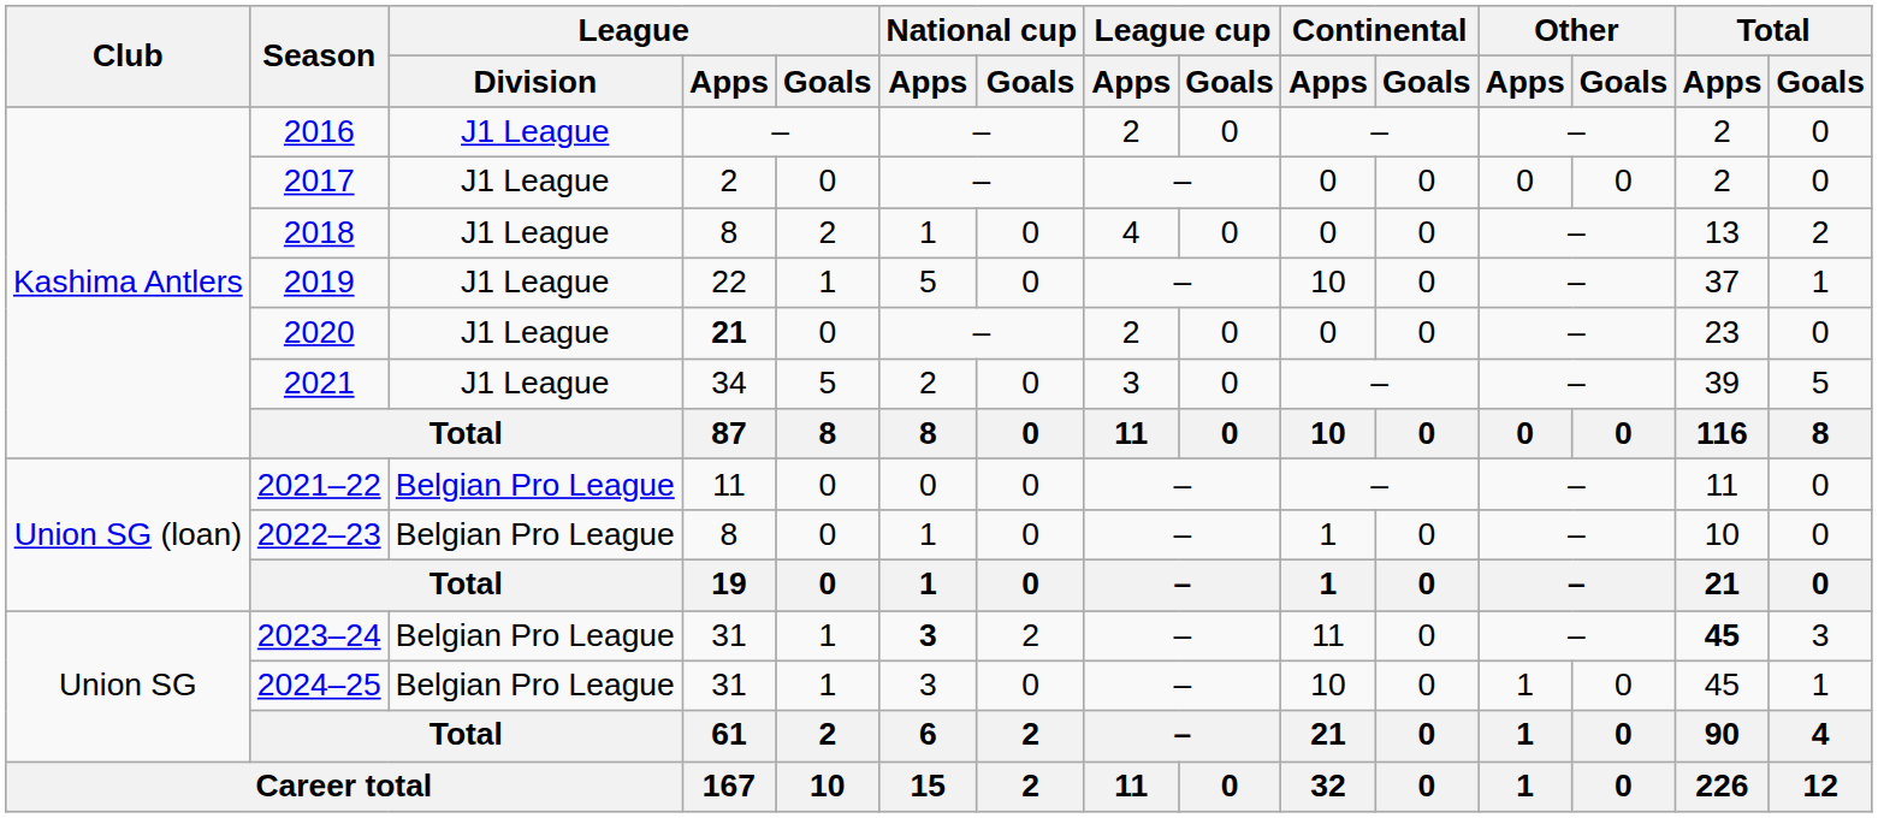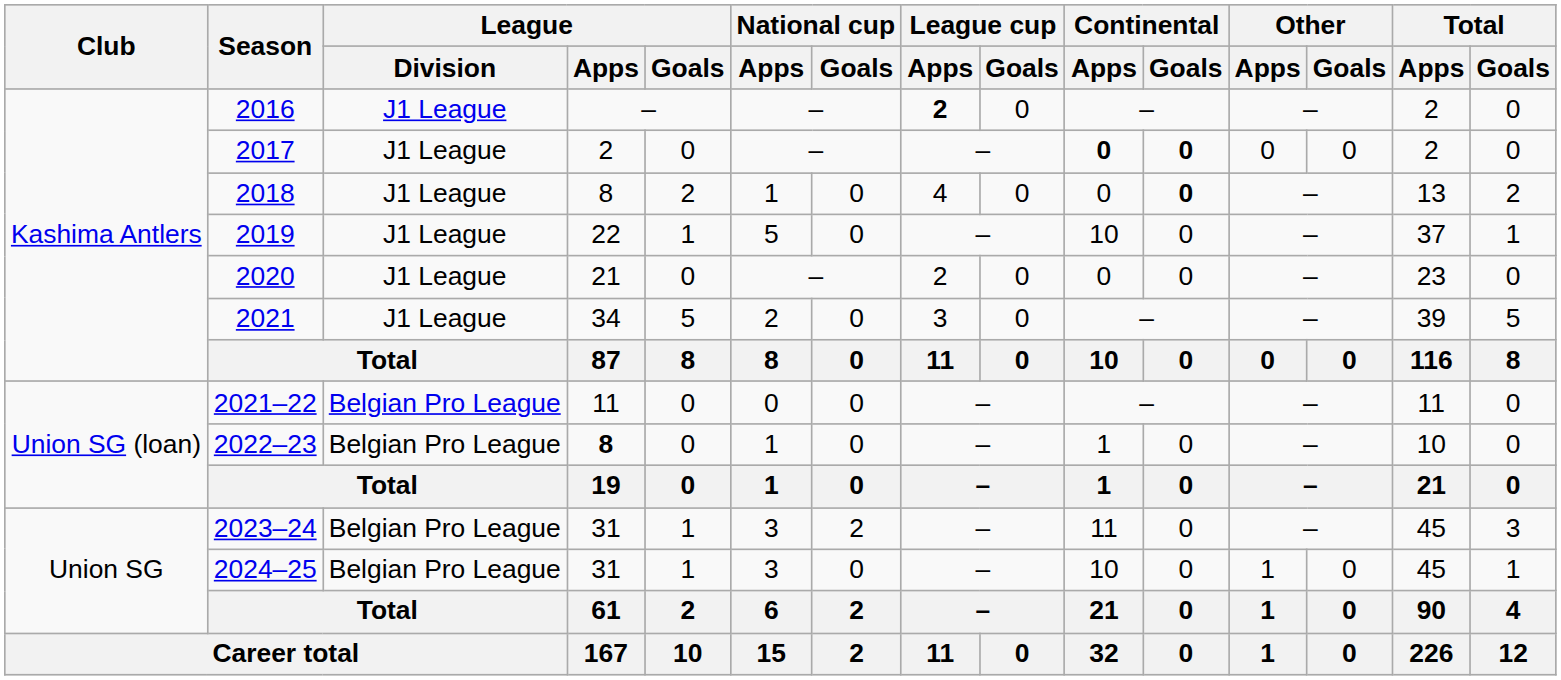 <table class=wikitable style=text-align:center>
 <tr>
 <th rowspan=2>Club</th>
 <th rowspan=2>Season</th>
 <th colspan=3>League</th>
 <th colspan=2>National cup</th>
 <th colspan=2>League cup</th>
 <th colspan=2>Continental</th>
 <th colspan=2>Other</th>
 <th colspan=2>Total</th>
 </tr>
 <tr>
 <th>Division</th>
 <th>Apps</th>
 <th>Goals</th>
 <th>Apps</th>
 <th>Goals</th>
 <th>Apps</th>
 <th>Goals</th>
 <th>Apps</th>
 <th>Goals</th>
 <th>Apps</th>
 <th>Goals</th>
 <th>Apps</th>
 <th>Goals</th>
 </tr>
 <tr>
 <td rowspan="7"><a href='#'>Kashima Antlers</a></td>
 <td><a href='#'>2016</a></td>
 <td><a href='#'>J1 League</a></td>
 <td colspan="2">–</td>
 <td colspan="2">–</td>
-<td>2</td>
+<td><strong>2</strong></td>
 <td>0</td>
 <td colspan="2">–</td>
 <td colspan="2">–</td>
 <td>2</td>
 <td>0</td>
 </tr>
 <tr>
 <td><a href='#'>2017</a></td>
 <td>J1 League</td>
 <td>2</td>
 <td>0</td>
 <td colspan="2">–</td>
 <td colspan="2">–</td>
-<td>0</td>
-<td>0</td>
+<td><strong>0</strong></td>
+<td><strong>0</strong></td>
 <td>0</td>
 <td>0</td>
 <td>2</td>
 <td>0</td>
 </tr>
 <tr>
 <td><a href='#'>2018</a></td>
 <td>J1 League</td>
 <td>8</td>
 <td>2</td>
 <td>1</td>
 <td>0</td>
 <td>4</td>
 <td>0</td>
 <td>0</td>
-<td>0</td>
+<td><strong>0</strong></td>
 <td colspan="2">–</td>
 <td>13</td>
 <td>2</td>
 </tr>
 <tr>
 <td><a href='#'>2019</a></td>
 <td>J1 League</td>
 <td>22</td>
 <td>1</td>
 <td>5</td>
 <td>0</td>
 <td colspan="2">–</td>
 <td>10</td>
 <td>0</td>
 <td colspan="2">–</td>
 <td>37</td>
 <td>1</td>
 </tr>
 <tr>
 <td><a href='#'>2020</a></td>
 <td>J1 League</td>
-<td><strong>21</strong></td>
+<td>21</td>
 <td>0</td>
 <td colspan="2">–</td>
 <td>2</td>
 <td>0</td>
 <td>0</td>
 <td>0</td>
 <td colspan="2">–</td>
 <td>23</td>
 <td>0</td>
 </tr>
 <tr>
 <td><a href='#'>2021</a></td>
 <td>J1 League</td>
 <td>34</td>
 <td>5</td>
 <td>2</td>
 <td>0</td>
 <td>3</td>
 <td>0</td>
 <td colspan="2">–</td>
 <td colspan="2">–</td>
 <td>39</td>
 <td>5</td>
 </tr>
 <tr>
 <th colspan="2">Total</th>
 <th>87</th>
 <th>8</th>
 <th>8</th>
 <th>0</th>
 <th>11</th>
 <th>0</th>
 <th>10</th>
 <th>0</th>
 <th>0</th>
 <th>0</th>
 <th>116</th>
 <th>8</th>
 </tr>
 <tr>
 <td rowspan="3"><a href='#'>Union SG</a> (loan)</td>
 <td><a href='#'>2021–22</a></td>
 <td><a href='#'>Belgian Pro League</a></td>
 <td>11</td>
 <td>0</td>
 <td>0</td>
 <td>0</td>
 <td colspan="2">–</td>
 <td colspan="2">–</td>
 <td colspan="2">–</td>
 <td>11</td>
 <td>0</td>
 </tr>
 <tr>
 <td><a href='#'>2022–23</a></td>
 <td>Belgian Pro League</td>
-<td>8</td>
+<td><strong>8</strong></td>
 <td>0</td>
 <td>1</td>
 <td>0</td>
 <td colspan="2">–</td>
 <td>1</td>
 <td>0</td>
 <td colspan="2">–</td>
 <td>10</td>
 <td>0</td>
 </tr>
 <tr>
 <th colspan="2">Total</th>
 <th>19</th>
 <th>0</th>
 <th>1</th>
 <th>0</th>
 <th colspan="2">–</th>
 <th>1</th>
 <th>0</th>
 <th colspan="2">–</th>
 <th>21</th>
 <th>0</th>
 </tr>
 <tr>
 <td rowspan="3">Union SG</td>
 <td><a href='#'>2023–24</a></td>
 <td>Belgian Pro League</td>
 <td>31</td>
 <td>1</td>
-<td><strong>3</strong></td>
+<td>3</td>
 <td>2</td>
 <td colspan="2">–</td>
 <td>11</td>
 <td>0</td>
 <td colspan="2">–</td>
-<td><strong>45</strong></td>
+<td>45</td>
 <td>3</td>
 </tr>
 <tr>
 <td><a href='#'>2024–25</a></td>
 <td>Belgian Pro League</td>
 <td>31</td>
 <td>1</td>
 <td>3</td>
 <td>0</td>
 <td colspan="2">–</td>
 <td>10</td>
 <td>0</td>
 <td>1</td>
 <td>0</td>
 <td>45</td>
 <td>1</td>
 </tr>
 <tr>
 <th colspan="2">Total</th>
 <th>61</th>
 <th>2</th>
 <th>6</th>
 <th>2</th>
 <th colspan="2">–</th>
 <th>21</th>
 <th>0</th>
 <th>1</th>
 <th>0</th>
 <th>90</th>
 <th>4</th>
 </tr>
 <tr>
 <th colspan="3">Career total</th>
 <th>167</th>
 <th>10</th>
 <th>15</th>
 <th>2</th>
 <th>11</th>
 <th>0</th>
 <th>32</th>
 <th>0</th>
 <th>1</th>
 <th>0</th>
 <th>226</th>
 <th>12</th>
 </tr>
 </table>
